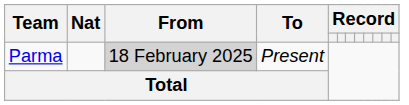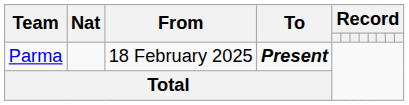 <table class=wikitable style="text-align: center">
 <tr>
 <th rowspan="2">Team</th>
 <th rowspan="2">Nat</th>
 <th rowspan="2">From</th>
 <th rowspan="2">To</th>
 <th colspan="8">Record</th>
 </tr>
 <tr>
 <th></th>
 <th></th>
 <th></th>
 <th></th>
 <th></th>
 <th></th>
 <th></th>
 <th></th>
 </tr>
 <tr>
 <td align=left><a href='#'>Parma</a></td>
 <td></td>
-<td align=left style="background: lightgrey;">18 February 2025</td>
-<td align=left><em>Present</em><br></td>
+<td align=left>18 February 2025</td>
+<td align=left><strong><em>Present</em><br></strong></td>
 </tr>
 <tr>
 <th colspan=4>Total<br></th>
 </tr>
 </table>
